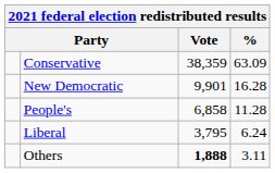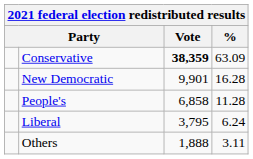 <table class="wikitable">
 <tr>
 <th colspan="4"><a href='#'>2021 federal election</a> redistributed results</th>
 </tr>
 <tr>
 <th bgcolor="#DDDDFF" width="130px" colspan="2">Party</th>
 <th bgcolor="#DDDDFF" width="50px">Vote</th>
 <th bgcolor="#DDDDFF" width="30px">%</th>
 </tr>
 <tr>
 <td> </td>
 <td><a href='#'>Conservative</a></td>
-<td align=right>38,359</td>
+<td align=right><strong>38,359</strong></td>
 <td align=right>63.09</td>
 </tr>
 <tr>
 <td> </td>
 <td><a href='#'>New Democratic</a></td>
 <td align=right>9,901</td>
 <td align=right>16.28</td>
 </tr>
 <tr>
 <td> </td>
 <td><a href='#'>People's</a></td>
 <td align=right>6,858</td>
 <td align=right>11.28</td>
 </tr>
 <tr>
 <td> </td>
 <td><a href='#'>Liberal</a></td>
 <td align=right>3,795</td>
 <td align=right>6.24</td>
 </tr>
 <tr>
 <td> </td>
 <td>Others</td>
-<td align=right><strong>1,888</strong></td>
+<td align=right>1,888</td>
 <td align=right>3.11</td>
 </tr>
 </table>
